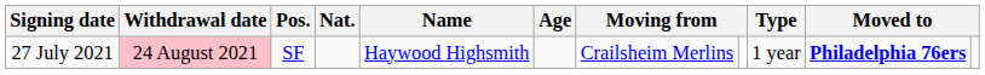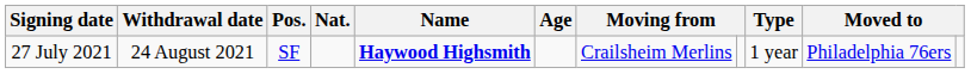 <table class="wikitable sortable">
 <tr>
 <th>Signing date</th>
 <th>Withdrawal date</th>
 <th>Pos.</th>
 <th>Nat.</th>
 <th>Name</th>
 <th>Age</th>
 <th colspan=2>Moving from</th>
 <th>Type</th>
 <th colspan=2>Moved to</th>
 </tr>
 <tr>
 <td style="text-align:center">27 July 2021</td>
-<td style="background: pink; text-align:center">24 August 2021</td>
+<td style="text-align:center">24 August 2021</td>
 <td style="text-align:center"><a href='#'>SF</a></td>
 <td style="text-align:center"></td>
-<td><a href='#'>Haywood Highsmith</a></td>
+<td><strong><a href='#'>Haywood Highsmith</a></strong></td>
 <td style="text-align:center"></td>
 <td><a href='#'>Crailsheim Merlins</a></td>
 <td></td>
 <td style="text-align:center">1 year</td>
-<td><strong><a href='#'>Philadelphia 76ers</a></strong></td>
+<td><a href='#'>Philadelphia 76ers</a></td>
 <td></td>
 </tr>
 </table>
